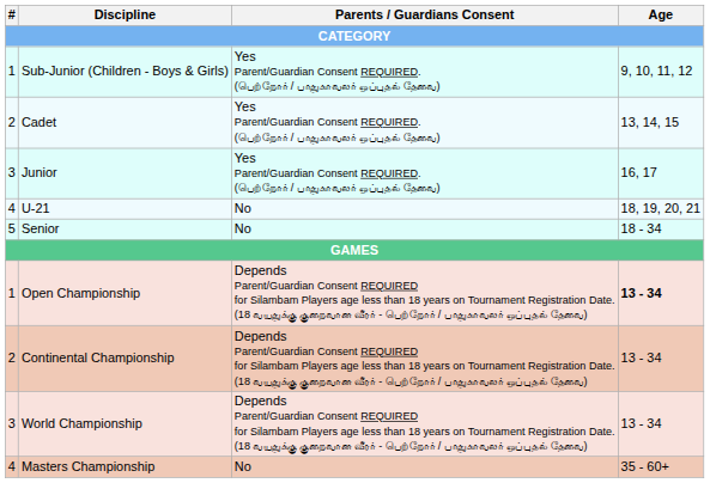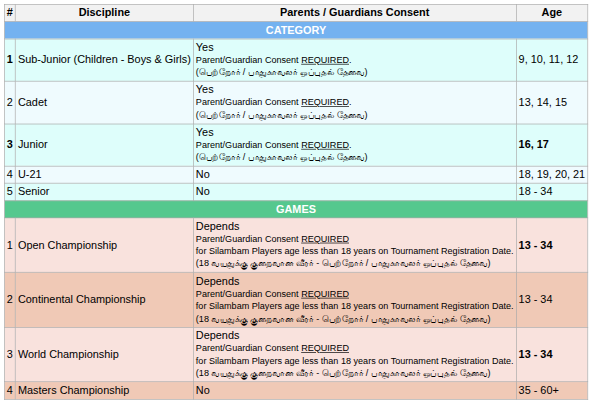 <table class="wikitable">
 <tr>
 <th>#</th>
 <th>Discipline</th>
 <th>Parents / Guardians Consent</th>
 <th>Age</th>
 </tr>
 <tr>
 <td colspan="6" style="text-align:center; color:white;" bgcolor="#74b2f0"><strong>CATEGORY</strong></td>
 </tr>
 <tr>
-<td style="text-align:center; background-color: #defefb;">1</td>
+<td style="text-align:center; background-color: #defefb;"><strong>1</strong></td>
 <td style="background-color: #defefb;">Sub-Junior (Children - Boys & Girls)</td>
 <td style="background-color: #defefb;">Yes<br><small>Parent/Guardian Consent <u>REQUIRED</u>.<br>(பெற்றோர் / பாதுகாவலர் ஒப்புதல் தேவை)</small></td>
 <td style="background-color: #defefb;">9, 10, 11, 12</td>
 </tr>
 <tr>
 <td style="text-align:center; background-color: #effbfe;">2</td>
 <td style="background-color: #effbfe;">Cadet</td>
 <td style="background-color: #effbfe;">Yes<br><small>Parent/Guardian Consent <u>REQUIRED</u>.<br>(பெற்றோர் / பாதுகாவலர் ஒப்புதல் தேவை)</small></td>
 <td style="background-color: #effbfe;">13, 14, 15</td>
 </tr>
 <tr>
-<td style="text-align:center; background-color: #defefb;">3</td>
+<td style="text-align:center; background-color: #defefb;"><strong>3</strong></td>
 <td style="background-color: #defefb;">Junior</td>
 <td style="background-color: #defefb;">Yes<br><small>Parent/Guardian Consent <u>REQUIRED</u>.<br>(பெற்றோர் / பாதுகாவலர் ஒப்புதல் தேவை)</small></td>
-<td style="background-color: #defefb;">16, 17</td>
+<td style="background-color: #defefb;"><strong>16, 17</strong></td>
 </tr>
 <tr>
 <td style="text-align:center; background-color: #effbfe;">4</td>
 <td style="background-color: #effbfe;">U-21</td>
 <td style="background-color: #effbfe;">No</td>
 <td style="background-color: #effbfe;">18, 19, 20, 21</td>
 </tr>
 <tr>
 <td style="text-align:center; background-color: #defefb;">5</td>
 <td style="background-color: #defefb;">Senior</td>
 <td style="background-color: #defefb;">No</td>
 <td style="background-color: #defefb;">18 - 34</td>
 </tr>
 <tr>
 <td colspan="6" style="text-align:center; color:white;" bgcolor="#55c88e"><strong>GAMES</strong></td>
 </tr>
 <tr>
 <td style="text-align:center; background-color: #f9e2dd;">1</td>
 <td style="background-color: #f9e2dd;">Open Championship</td>
 <td style="background-color: #f9e2dd;">Depends<br><small>Parent/Guardian Consent <u>REQUIRED</u><br>for Silambam Players age less than 18 years on Tournament Registration Date.<br>(18 வயதுக்கு குறைவான வீரர் - பெற்றோர் / பாதுகாவலர் ஒப்புதல் தேவை)</small></td>
 <td style="background-color: #f9e2dd;"><strong>13 - 34</strong></td>
 </tr>
 <tr>
 <td style="text-align:center; background-color: #f0c9b6;">2</td>
 <td style="background-color: #f0c9b6;">Continental Championship</td>
 <td style="background-color: #f0c9b6;">Depends<br><small>Parent/Guardian Consent <u>REQUIRED</u><br>for Silambam Players age less than 18 years on Tournament Registration Date.<br>(18 வயதுக்கு குறைவான வீரர் - பெற்றோர் / பாதுகாவலர் ஒப்புதல் தேவை)</small></td>
 <td style="background-color: #f0c9b6;">13 - 34</td>
 </tr>
 <tr>
 <td style="text-align:center; background-color: #f9e2dd;">3</td>
 <td style="background-color: #f9e2dd;">World Championship</td>
 <td style="background-color: #f9e2dd;">Depends<br><small>Parent/Guardian Consent <u>REQUIRED</u><br>for Silambam Players age less than 18 years on Tournament Registration Date.<br>(18 வயதுக்கு குறைவான வீரர் - பெற்றோர் / பாதுகாவலர் ஒப்புதல் தேவை)</small></td>
-<td style="background-color: #f9e2dd;">13 - 34</td>
+<td style="background-color: #f9e2dd;"><strong>13 - 34</strong></td>
 </tr>
 <tr>
 <td style="text-align:center; background-color: #f0c9b6;">4</td>
 <td style="background-color: #f0c9b6;">Masters Championship</td>
 <td style="background-color: #f0c9b6;">No</td>
 <td style="background-color: #f0c9b6;">35 - 60+</td>
 </tr>
 </table>
